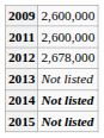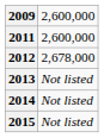 <table class="wikitable">
 <tr>
 <th>2009</th>
 <td>2,600,000</td>
 </tr>
 <tr>
 <th>2011</th>
 <td>2,600,000</td>
 </tr>
 <tr>
 <th>2012</th>
 <td>2,678,000</td>
 </tr>
 <tr>
 <th>2013</th>
 <td><em>Not listed</em></td>
 </tr>
 <tr>
 <th>2014</th>
-<td><strong><em>Not listed</em></strong></td>
+<td><em>Not listed</em></td>
 </tr>
 <tr>
 <th>2015</th>
-<td><strong><em>Not listed</em></strong></td>
+<td><em>Not listed</em></td>
 </tr>
 </table>
